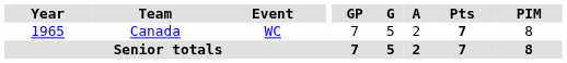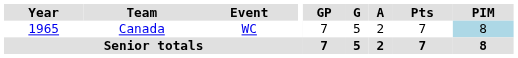 <table border="0" cellpadding="1" cellspacing="0" ID="Table3" style="text-align:center; width:40em">
 <tr bgcolor="#e0e0e0">
 <th>Year</th>
 <th>Team</th>
 <th>Event</th>
 <th rowspan="102" bgcolor="#ffffff"></th>
 <th>GP</th>
 <th>G</th>
 <th>A</th>
 <th>Pts</th>
 <th>PIM</th>
 </tr>
 <tr>
 <td><a href='#'>1965</a></td>
 <td><a href='#'>Canada</a></td>
 <td><a href='#'>WC</a></td>
 <td>7</td>
 <td>5</td>
 <td>2</td>
-<td><strong>7</strong></td>
-<td>8</td>
+<td>7</td>
+<td style="background: lightblue;">8</td>
 </tr>
 <tr bgcolor="#e0e0e0">
 <th colspan="4">Senior totals</th>
 <th>7</th>
 <th>5</th>
 <th>2</th>
 <th>7</th>
 <th>8</th>
 </tr>
 </table>
